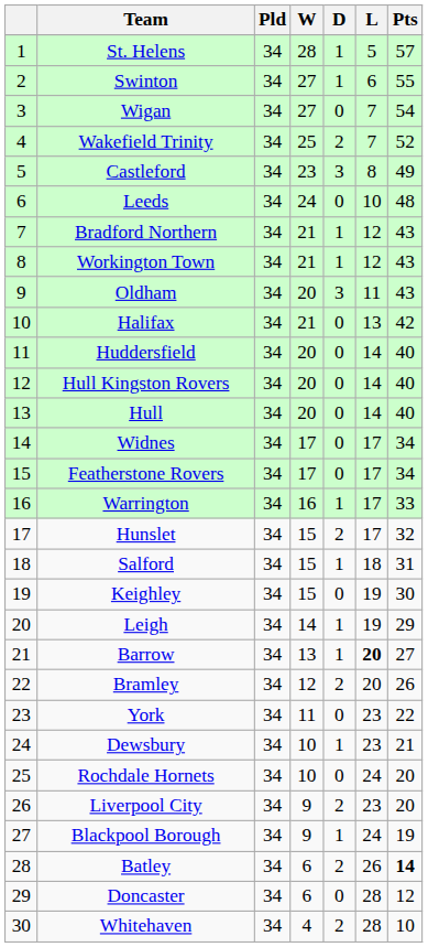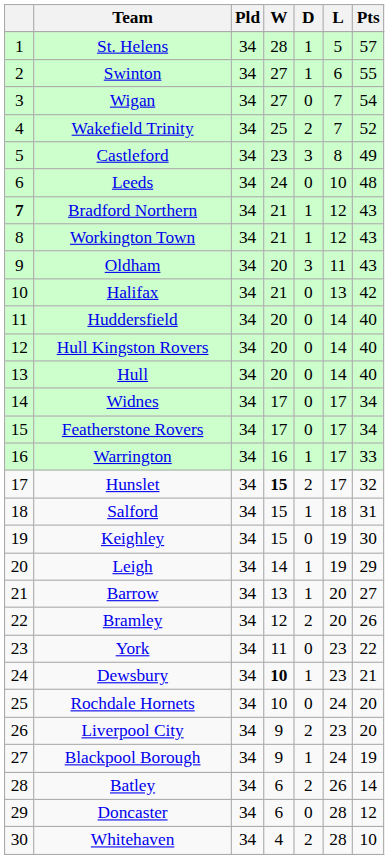 <table class="wikitable" style="text-align:center;">
 <tr>
 <th width=20 abbr="Position"></th>
 <th width=175>Team</th>
 <th width=20 abbr="Played">Pld</th>
 <th width=20 abbr="Won">W</th>
 <th width=20 abbr="Drawn">D</th>
 <th width=20 abbr="Lost">L</th>
 <th width=20 abbr="Points">Pts</th>
 </tr>
 <tr>
 </tr>
 <tr align=center style="background:#ccffcc;color:">
 <td>1</td>
 <td><a href='#'>St. Helens</a></td>
 <td>34</td>
 <td>28</td>
 <td>1</td>
 <td>5</td>
 <td>57</td>
 </tr>
 <tr align=center style="background:#ccffcc;color:">
 <td>2</td>
 <td><a href='#'>Swinton</a></td>
 <td>34</td>
 <td>27</td>
 <td>1</td>
 <td>6</td>
 <td>55</td>
 </tr>
 <tr align=center style="background:#ccffcc;color:">
 <td>3</td>
 <td><a href='#'>Wigan</a></td>
 <td>34</td>
 <td>27</td>
 <td>0</td>
 <td>7</td>
 <td>54</td>
 </tr>
 <tr align=center style="background:#ccffcc;color:">
 <td>4</td>
 <td><a href='#'>Wakefield Trinity</a></td>
 <td>34</td>
 <td>25</td>
 <td>2</td>
 <td>7</td>
 <td>52</td>
 </tr>
 <tr align=center style="background:#ccffcc;color:">
 <td>5</td>
 <td><a href='#'>Castleford</a></td>
 <td>34</td>
 <td>23</td>
 <td>3</td>
 <td>8</td>
 <td>49</td>
 </tr>
 <tr align=center style="background:#ccffcc;color:">
 <td>6</td>
 <td><a href='#'>Leeds</a></td>
 <td>34</td>
 <td>24</td>
 <td>0</td>
 <td>10</td>
 <td>48</td>
 </tr>
 <tr align=center style="background:#ccffcc;color:">
-<td>7</td>
+<td><strong>7</strong></td>
 <td><a href='#'>Bradford Northern</a></td>
 <td>34</td>
 <td>21</td>
 <td>1</td>
 <td>12</td>
 <td>43</td>
 </tr>
 <tr align=center style="background:#ccffcc;color:">
 <td>8</td>
 <td><a href='#'>Workington Town</a></td>
 <td>34</td>
 <td>21</td>
 <td>1</td>
 <td>12</td>
 <td>43</td>
 </tr>
 <tr align=center style="background:#ccffcc;color:">
 <td>9</td>
 <td><a href='#'>Oldham</a></td>
 <td>34</td>
 <td>20</td>
 <td>3</td>
 <td>11</td>
 <td>43</td>
 </tr>
 <tr align=center style="background:#ccffcc;color:">
 <td>10</td>
 <td><a href='#'>Halifax</a></td>
 <td>34</td>
 <td>21</td>
 <td>0</td>
 <td>13</td>
 <td>42</td>
 </tr>
 <tr align=center style="background:#ccffcc;color:">
 <td>11</td>
 <td><a href='#'>Huddersfield</a></td>
 <td>34</td>
 <td>20</td>
 <td>0</td>
 <td>14</td>
 <td>40</td>
 </tr>
 <tr align=center style="background:#ccffcc;color:">
 <td>12</td>
 <td><a href='#'>Hull Kingston Rovers</a></td>
 <td>34</td>
 <td>20</td>
 <td>0</td>
 <td>14</td>
 <td>40</td>
 </tr>
 <tr align=center style="background:#ccffcc;color:">
 <td>13</td>
 <td><a href='#'>Hull</a></td>
 <td>34</td>
 <td>20</td>
 <td>0</td>
 <td>14</td>
 <td>40</td>
 </tr>
 <tr align=center style="background:#ccffcc;color:">
 <td>14</td>
 <td><a href='#'>Widnes</a></td>
 <td>34</td>
 <td>17</td>
 <td>0</td>
 <td>17</td>
 <td>34</td>
 </tr>
 <tr align=center style="background:#ccffcc;color:">
 <td>15</td>
 <td><a href='#'>Featherstone Rovers</a></td>
 <td>34</td>
 <td>17</td>
 <td>0</td>
 <td>17</td>
 <td>34</td>
 </tr>
 <tr align=center style="background:#ccffcc;color:">
 <td>16</td>
 <td><a href='#'>Warrington</a></td>
 <td>34</td>
 <td>16</td>
 <td>1</td>
 <td>17</td>
 <td>33</td>
 </tr>
 <tr align=center style="background:">
 <td>17</td>
 <td><a href='#'>Hunslet</a></td>
 <td>34</td>
-<td>15</td>
+<td><strong>15</strong></td>
 <td>2</td>
 <td>17</td>
 <td>32</td>
 </tr>
 <tr align=center style="background:">
 <td>18</td>
 <td><a href='#'>Salford</a></td>
 <td>34</td>
 <td>15</td>
 <td>1</td>
 <td>18</td>
 <td>31</td>
 </tr>
 <tr align=center style="background:">
 <td>19</td>
 <td><a href='#'>Keighley</a></td>
 <td>34</td>
 <td>15</td>
 <td>0</td>
 <td>19</td>
 <td>30</td>
 </tr>
 <tr align=center style="background:">
 <td>20</td>
 <td><a href='#'>Leigh</a></td>
 <td>34</td>
 <td>14</td>
 <td>1</td>
 <td>19</td>
 <td>29</td>
 </tr>
 <tr align=center style="background:">
 <td>21</td>
 <td><a href='#'>Barrow</a></td>
 <td>34</td>
 <td>13</td>
 <td>1</td>
-<td><strong>20</strong></td>
+<td>20</td>
 <td>27</td>
 </tr>
 <tr align=center style="background:">
 <td>22</td>
 <td><a href='#'>Bramley</a></td>
 <td>34</td>
 <td>12</td>
 <td>2</td>
 <td>20</td>
 <td>26</td>
 </tr>
 <tr align=center style="background:">
 <td>23</td>
 <td><a href='#'>York</a></td>
 <td>34</td>
 <td>11</td>
 <td>0</td>
 <td>23</td>
 <td>22</td>
 </tr>
 <tr align=center style="background:">
 <td>24</td>
 <td><a href='#'>Dewsbury</a></td>
 <td>34</td>
-<td>10</td>
+<td><strong>10</strong></td>
 <td>1</td>
 <td>23</td>
 <td>21</td>
 </tr>
 <tr align=center style="background:">
 <td>25</td>
 <td><a href='#'>Rochdale Hornets</a></td>
 <td>34</td>
 <td>10</td>
 <td>0</td>
 <td>24</td>
 <td>20</td>
 </tr>
 <tr align=center style="background:">
 <td>26</td>
 <td><a href='#'>Liverpool City</a></td>
 <td>34</td>
 <td>9</td>
 <td>2</td>
 <td>23</td>
 <td>20</td>
 </tr>
 <tr align=center style="background:">
 <td>27</td>
 <td><a href='#'>Blackpool Borough</a></td>
 <td>34</td>
 <td>9</td>
 <td>1</td>
 <td>24</td>
 <td>19</td>
 </tr>
 <tr align=center style="background:">
 <td>28</td>
 <td><a href='#'>Batley</a></td>
 <td>34</td>
 <td>6</td>
 <td>2</td>
 <td>26</td>
-<td><strong>14</strong></td>
+<td>14</td>
 </tr>
 <tr align=center style="background:">
 <td>29</td>
 <td><a href='#'>Doncaster</a></td>
 <td>34</td>
 <td>6</td>
 <td>0</td>
 <td>28</td>
 <td>12</td>
 </tr>
 <tr align=center style="background:">
 <td>30</td>
 <td><a href='#'>Whitehaven</a></td>
 <td>34</td>
 <td>4</td>
 <td>2</td>
 <td>28</td>
 <td>10</td>
 </tr>
 <tr>
 </tr>
 </table>
